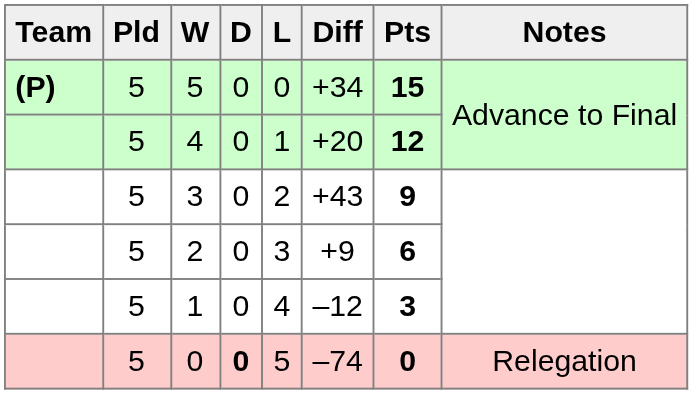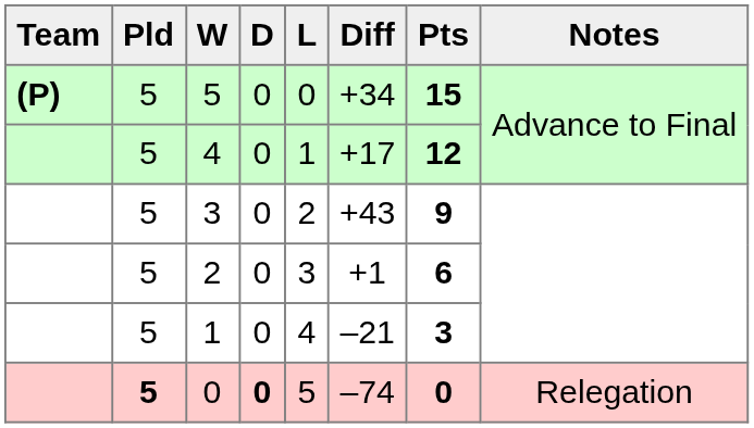 <table style=border-collapse:collapse border=1 cellspacing=0 cellpadding=5>
 <tr align=center bgcolor=#efefef>
 <th>Team</th>
 <th>Pld</th>
 <th>W</th>
 <th>D</th>
 <th>L</th>
 <th>Diff</th>
 <th>Pts</th>
 <th>Notes</th>
 </tr>
 <tr align=center style="background:#ccffcc">
 <td style="text-align:left;">  <strong>(P)</strong></td>
 <td>5</td>
 <td>5</td>
 <td>0</td>
 <td>0</td>
 <td>+34</td>
 <td><strong>15</strong></td>
 <td rowspan="2">Advance to Final</td>
 </tr>
 <tr align=center style="background:#ccffcc;">
 <td style="text-align:left;"> </td>
 <td>5</td>
 <td>4</td>
 <td>0</td>
 <td>1</td>
-<td>+20</td>
+<td>+17</td>
 <td><strong>12</strong></td>
 </tr>
 <tr align=center style="background:#FFFFFF;">
 <td style="text-align:left;"> </td>
 <td>5</td>
 <td>3</td>
 <td>0</td>
 <td>2</td>
 <td>+43</td>
 <td><strong>9</strong></td>
 <td rowspan="3"></td>
 </tr>
 <tr align=center style="background:#FFFFFF;">
 <td style="text-align:left;"> </td>
 <td>5</td>
 <td>2</td>
 <td>0</td>
 <td>3</td>
-<td>+9</td>
+<td>+1</td>
 <td><strong>6</strong></td>
 </tr>
 <tr align=center style="background:#FFFFFF;">
 <td style="text-align:left;">  </td>
 <td>5</td>
 <td>1</td>
 <td>0</td>
 <td>4</td>
-<td>–12</td>
+<td>–21</td>
 <td><strong>3</strong></td>
 </tr>
 <tr align=center style="background:#FFCCCC;">
 <td style="text-align:left;"> </td>
-<td>5</td>
+<td><strong>5</strong></td>
 <td>0</td>
 <td><strong>0</strong></td>
 <td>5</td>
 <td>–74</td>
 <td><strong>0</strong></td>
 <td>Relegation</td>
 </tr>
 </table>
